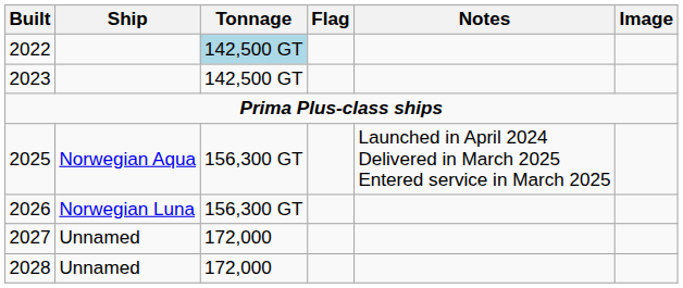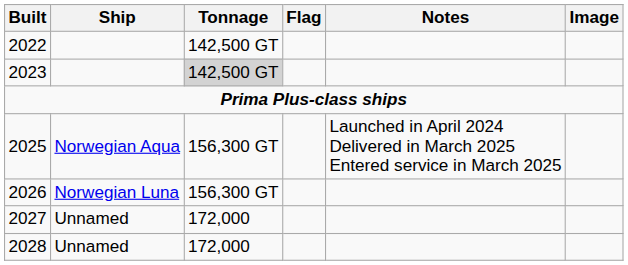 <table class="wikitable sortable">
 <tr>
 <th>Built</th>
 <th>Ship</th>
 <th>Tonnage</th>
 <th>Flag</th>
 <th>Notes</th>
 <th>Image</th>
 </tr>
 <tr>
 <td>2022</td>
 <td></td>
-<td style="background: lightblue;">142,500 GT</td>
+<td>142,500 GT</td>
 <td></td>
 <td></td>
 <td></td>
 </tr>
 <tr>
 <td>2023</td>
 <td></td>
-<td>142,500 GT</td>
+<td style="background: lightgrey;">142,500 GT</td>
 <td></td>
 <td></td>
 <td></td>
 </tr>
 <tr>
 <td colspan="6" align="center"><strong><em>Prima<em> Plus-class ships<strong></td>
 </tr>
 <tr>
 <td>2025</td>
 <td></em><a href='#'>Norwegian Aqua</a><em></td>
 <td>156,300 GT</td>
 <td></td>
 <td>Launched in April 2024<br>Delivered in March 2025<br>Entered service in March 2025</td>
 <td></td>
 </tr>
 <tr>
 <td>2026</td>
 <td></em><a href='#'>Norwegian Luna</a><em></td>
 <td>156,300 GT</td>
 <td></td>
 <td></td>
 <td></td>
 </tr>
 <tr>
 <td>2027</td>
 <td>Unnamed</td>
 <td>172,000</td>
 <td></td>
 <td></td>
 <td></td>
 </tr>
 <tr>
 <td>2028</td>
 <td>Unnamed</td>
 <td>172,000</td>
 <td></td>
 <td></td>
 <td></td>
 </tr>
 </table>
